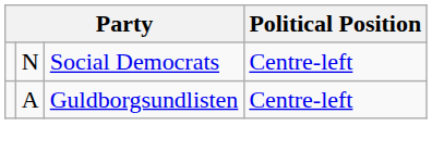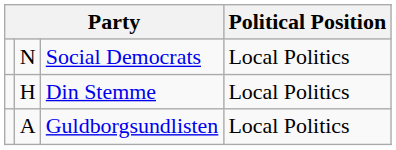 <table class="wikitable mw-collapsible mw-collapsed">
 <tr>
 <th colspan="3">Party</th>
 <th>Political Position</th>
 </tr>
 <tr>
 <td></td>
 <td>N</td>
 <td><a href='#'>Social Democrats</a></td>
-<td><a href='#'>Centre-left</a></td>
+<td>Local Politics</td>
+</tr>
+<tr>
+<td></td>
+<td>H</td>
+<td><a href='#'>Din Stemme</a></td>
+<td>Local Politics</td>
 </tr>
 <tr>
 <td></td>
 <td>A</td>
 <td><a href='#'>Guldborgsundlisten</a></td>
-<td><a href='#'>Centre-left</a></td>
+<td>Local Politics</td>
 </tr>
 </table>
